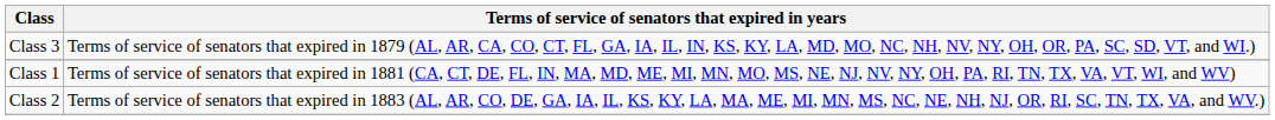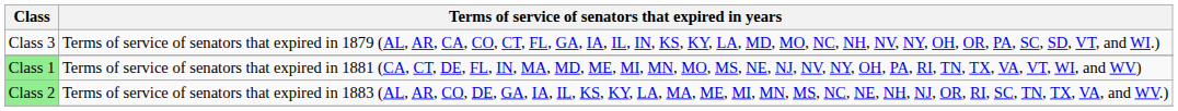 <table class="wikitable sortable">
 <tr valign=bottom>
 <th>Class</th>
 <th>Terms of service of senators that expired in years</th>
 </tr>
 <tr>
 <td>Class 3</td>
 <td>Terms of service of senators that expired in 1879 (<a href='#'>AL</a>, <a href='#'>AR</a>, <a href='#'>CA</a>, <a href='#'>CO</a>, <a href='#'>CT</a>, <a href='#'>FL</a>, <a href='#'>GA</a>, <a href='#'>IA</a>, <a href='#'>IL</a>, <a href='#'>IN</a>, <a href='#'>KS</a>, <a href='#'>KY</a>, <a href='#'>LA</a>, <a href='#'>MD</a>, <a href='#'>MO</a>, <a href='#'>NC</a>, <a href='#'>NH</a>, <a href='#'>NV</a>, <a href='#'>NY</a>, <a href='#'>OH</a>, <a href='#'>OR</a>, <a href='#'>PA</a>, <a href='#'>SC</a>, <a href='#'>SD</a>, <a href='#'>VT</a>, and <a href='#'>WI</a>.)</td>
 </tr>
 <tr>
 </tr>
 <tr>
-<td>Class 1</td>
+<td style="background: lightgreen;">Class 1</td>
 <td>Terms of service of senators that expired in 1881 (<a href='#'>CA</a>, <a href='#'>CT</a>, <a href='#'>DE</a>, <a href='#'>FL</a>, <a href='#'>IN</a>, <a href='#'>MA</a>, <a href='#'>MD</a>, <a href='#'>ME</a>,  <a href='#'>MI</a>, <a href='#'>MN</a>, <a href='#'>MO</a>, <a href='#'>MS</a>, <a href='#'>NE</a>, <a href='#'>NJ</a>,  <a href='#'>NV</a>, <a href='#'>NY</a>, <a href='#'>OH</a>, <a href='#'>PA</a>, <a href='#'>RI</a>, <a href='#'>TN</a>, <a href='#'>TX</a>, <a href='#'>VA</a>, <a href='#'>VT</a>, <a href='#'>WI</a>, and <a href='#'>WV</a>)</td>
 </tr>
 <tr>
-<td>Class 2</td>
+<td style="background: lightgreen;">Class 2</td>
 <td>Terms of service of senators that expired in 1883 (<a href='#'>AL</a>, <a href='#'>AR</a>, <a href='#'>CO</a>, <a href='#'>DE</a>, <a href='#'>GA</a>, <a href='#'>IA</a>, <a href='#'>IL</a>, <a href='#'>KS</a>, <a href='#'>KY</a>, <a href='#'>LA</a>, <a href='#'>MA</a>, <a href='#'>ME</a>, <a href='#'>MI</a>, <a href='#'>MN</a>, <a href='#'>MS</a>, <a href='#'>NC</a>, <a href='#'>NE</a>, <a href='#'>NH</a>, <a href='#'>NJ</a>, <a href='#'>OR</a>, <a href='#'>RI</a>, <a href='#'>SC</a>, <a href='#'>TN</a>, <a href='#'>TX</a>, <a href='#'>VA</a>, and <a href='#'>WV</a>.)</td>
 </tr>
 <tr>
 </tr>
 </table>
